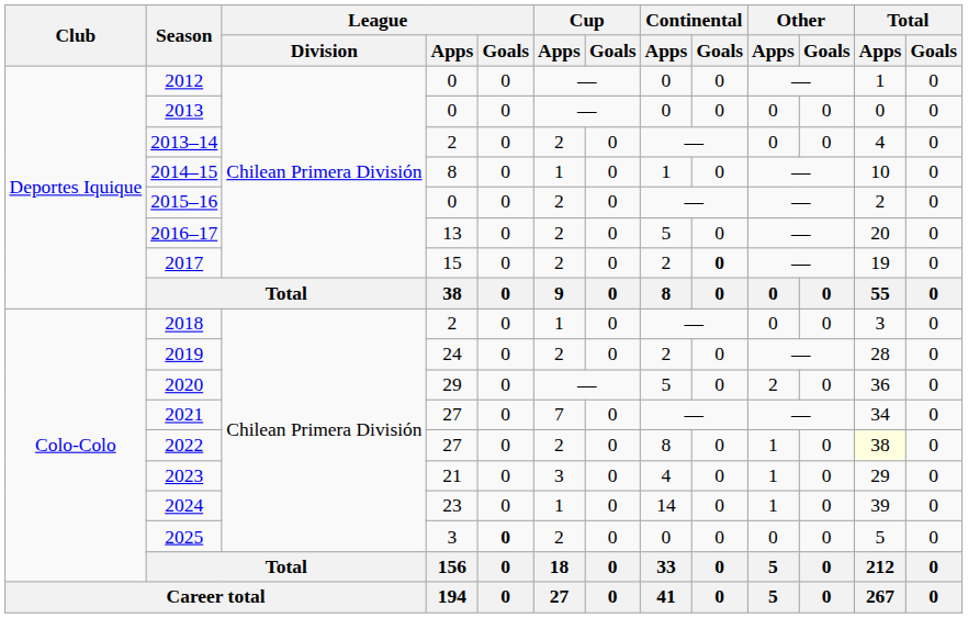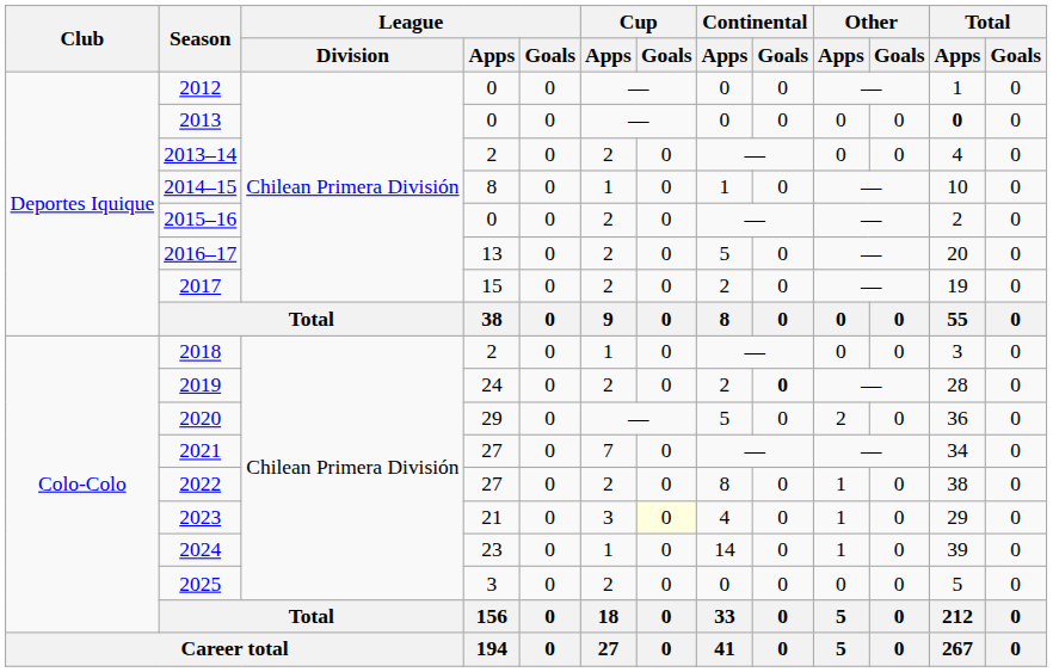 <table class="wikitable" style="text-align:center">
 <tr>
 <th rowspan="2">Club</th>
 <th rowspan="2">Season</th>
 <th colspan="3">League</th>
 <th colspan="2">Cup</th>
 <th colspan="2">Continental</th>
 <th colspan="2">Other</th>
 <th colspan="2">Total</th>
 </tr>
 <tr>
 <th>Division</th>
 <th>Apps</th>
 <th>Goals</th>
 <th>Apps</th>
 <th>Goals</th>
 <th>Apps</th>
 <th>Goals</th>
 <th>Apps</th>
 <th>Goals</th>
 <th>Apps</th>
 <th>Goals</th>
 </tr>
 <tr>
 <td rowspan="8"><a href='#'>Deportes Iquique</a></td>
 <td><a href='#'>2012</a></td>
 <td rowspan="7"><a href='#'>Chilean Primera División</a></td>
 <td>0</td>
 <td>0</td>
 <td colspan="2">—</td>
 <td>0</td>
 <td>0</td>
 <td colspan="2">—</td>
 <td>1</td>
 <td>0</td>
 </tr>
 <tr>
 <td><a href='#'>2013</a></td>
 <td>0</td>
 <td>0</td>
 <td colspan="2">—</td>
 <td>0</td>
 <td>0</td>
 <td>0</td>
 <td>0</td>
-<td>0</td>
+<td><strong>0</strong></td>
 <td>0</td>
 </tr>
 <tr>
 <td><a href='#'>2013–14</a></td>
 <td>2</td>
 <td>0</td>
 <td>2</td>
 <td>0</td>
 <td colspan="2">—</td>
 <td>0</td>
 <td>0</td>
 <td>4</td>
 <td>0</td>
 </tr>
 <tr>
 <td><a href='#'>2014–15</a></td>
 <td>8</td>
 <td>0</td>
 <td>1</td>
 <td>0</td>
 <td>1</td>
 <td>0</td>
 <td colspan="2">—</td>
 <td>10</td>
 <td>0</td>
 </tr>
 <tr>
 <td><a href='#'>2015–16</a></td>
 <td>0</td>
 <td>0</td>
 <td>2</td>
 <td>0</td>
 <td colspan="2">—</td>
 <td colspan="2">—</td>
 <td>2</td>
 <td>0</td>
 </tr>
 <tr>
 <td><a href='#'>2016–17</a></td>
 <td>13</td>
 <td>0</td>
 <td>2</td>
 <td>0</td>
 <td>5</td>
 <td>0</td>
 <td colspan="2">—</td>
 <td>20</td>
 <td>0</td>
 </tr>
 <tr>
 <td><a href='#'>2017</a></td>
 <td>15</td>
 <td>0</td>
 <td>2</td>
 <td>0</td>
 <td>2</td>
-<td><strong>0</strong></td>
+<td>0</td>
 <td colspan="2">—</td>
 <td>19</td>
 <td>0</td>
 </tr>
 <tr>
 <th colspan="2">Total</th>
 <th>38</th>
 <th>0</th>
 <th>9</th>
 <th>0</th>
 <th>8</th>
 <th>0</th>
 <th>0</th>
 <th>0</th>
 <th>55</th>
 <th>0</th>
 </tr>
 <tr>
 <td rowspan="9"><a href='#'>Colo-Colo</a></td>
 <td><a href='#'>2018</a></td>
 <td rowspan="8">Chilean Primera División</td>
 <td>2</td>
 <td>0</td>
 <td>1</td>
 <td>0</td>
 <td colspan="2">—</td>
 <td>0</td>
 <td>0</td>
 <td>3</td>
 <td>0</td>
 </tr>
 <tr>
 <td><a href='#'>2019</a></td>
 <td>24</td>
 <td>0</td>
 <td>2</td>
 <td>0</td>
 <td>2</td>
-<td>0</td>
+<td><strong>0</strong></td>
 <td colspan="2">—</td>
 <td>28</td>
 <td>0</td>
 </tr>
 <tr>
 <td><a href='#'>2020</a></td>
 <td>29</td>
 <td>0</td>
 <td colspan="2">—</td>
 <td>5</td>
 <td>0</td>
 <td>2</td>
 <td>0</td>
 <td>36</td>
 <td>0</td>
 </tr>
 <tr>
 <td><a href='#'>2021</a></td>
 <td>27</td>
 <td>0</td>
 <td>7</td>
 <td>0</td>
 <td colspan="2">—</td>
 <td colspan="2">—</td>
 <td>34</td>
 <td>0</td>
 </tr>
 <tr>
 <td><a href='#'>2022</a></td>
 <td>27</td>
 <td>0</td>
 <td>2</td>
 <td>0</td>
 <td>8</td>
 <td>0</td>
 <td>1</td>
 <td>0</td>
-<td style="background: lightyellow;">38</td>
+<td>38</td>
 <td>0</td>
 </tr>
 <tr>
 <td><a href='#'>2023</a></td>
 <td>21</td>
 <td>0</td>
 <td>3</td>
-<td>0</td>
+<td style="background: lightyellow;">0</td>
 <td>4</td>
 <td>0</td>
 <td>1</td>
 <td>0</td>
 <td>29</td>
 <td>0</td>
 </tr>
 <tr>
 <td><a href='#'>2024</a></td>
 <td>23</td>
 <td>0</td>
 <td>1</td>
 <td>0</td>
 <td>14</td>
 <td>0</td>
 <td>1</td>
 <td>0</td>
 <td>39</td>
 <td>0</td>
 </tr>
 <tr>
 <td><a href='#'>2025</a></td>
 <td>3</td>
-<td><strong>0</strong></td>
+<td>0</td>
 <td>2</td>
 <td>0</td>
 <td>0</td>
 <td>0</td>
 <td>0</td>
 <td>0</td>
 <td>5</td>
 <td>0</td>
 </tr>
 <tr>
 <th colspan="2">Total</th>
 <th>156</th>
 <th>0</th>
 <th>18</th>
 <th>0</th>
 <th>33</th>
 <th>0</th>
 <th>5</th>
 <th>0</th>
 <th>212</th>
 <th>0</th>
 </tr>
 <tr>
 <th colspan="3">Career total</th>
 <th>194</th>
 <th>0</th>
 <th>27</th>
 <th>0</th>
 <th>41</th>
 <th>0</th>
 <th>5</th>
 <th>0</th>
 <th>267</th>
 <th>0</th>
 </tr>
 </table>
